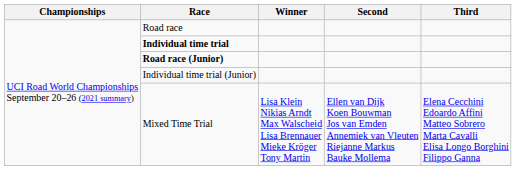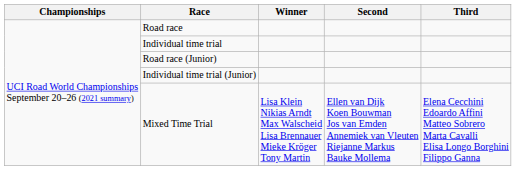 <table class="wikitable sortable">
 <tr>
 <th>Championships</th>
 <th>Race</th>
 <th>Winner</th>
 <th>Second</th>
 <th>Third</th>
 </tr>
 <tr>
 <td rowspan=5><a href='#'>UCI Road World Championships</a><br> September 20–26 <small>(<a href='#'>2021 summary</a>)</small></td>
 <td>Road race</td>
 <td></td>
 <td></td>
 <td></td>
 </tr>
 <tr>
-<td><strong>Individual time trial </strong></td>
+<td>Individual time trial </td>
 <td></td>
 <td></td>
 <td></td>
 </tr>
 <tr>
-<td><strong>Road race (Junior)</strong></td>
+<td>Road race (Junior)</td>
 <td></td>
 <td></td>
 <td></td>
 </tr>
 <tr>
 <td>Individual time trial (Junior) </td>
 <td></td>
 <td></td>
 <td></td>
 </tr>
 <tr>
 <td>Mixed Time Trial</td>
 <td><br><a href='#'>Lisa Klein</a><br><a href='#'>Nikias Arndt</a><br><a href='#'>Max Walscheid</a><br><a href='#'>Lisa Brennauer</a><br><a href='#'>Mieke Kröger</a><br><a href='#'>Tony Martin</a></td>
 <td><br><a href='#'>Ellen van Dijk</a><br><a href='#'>Koen Bouwman</a><br><a href='#'>Jos van Emden</a><br><a href='#'>Annemiek van Vleuten</a><br><a href='#'>Riejanne Markus</a><br><a href='#'>Bauke Mollema</a></td>
 <td><br><a href='#'>Elena Cecchini</a><br><a href='#'>Edoardo Affini</a><br><a href='#'>Matteo Sobrero</a><br><a href='#'>Marta Cavalli</a><br><a href='#'>Elisa Longo Borghini</a><br><a href='#'>Filippo Ganna</a></td>
 </tr>
 </table>
